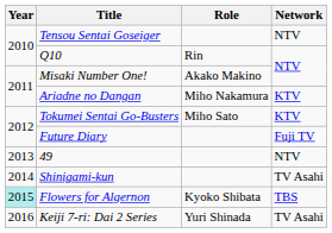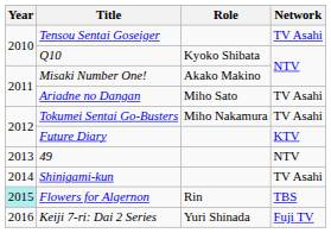 <table class="wikitable">
 <tr>
 <th>Year</th>
 <th>Title</th>
 <th>Role</th>
 <th>Network</th>
 </tr>
 <tr>
 <td rowspan="2">2010</td>
 <td><em><a href='#'>Tensou Sentai Goseiger</a></em></td>
 <td></td>
-<td>NTV</td>
+<td><a href='#'>TV Asahi</a></td>
 </tr>
 <tr>
 <td><em>Q10</em></td>
-<td>Rin</td>
+<td>Kyoko Shibata</td>
 <td rowspan="2"><a href='#'>NTV</a></td>
 </tr>
 <tr>
 <td rowspan="2'">2011</td>
 <td><em>Misaki Number One!</em></td>
 <td>Akako Makino</td>
 </tr>
 <tr>
 <td><em><a href='#'>Ariadne no Dangan</a></em></td>
-<td>Miho Nakamura</td>
-<td><a href='#'>KTV</a></td>
+<td>Miho Sato</td>
+<td>TV Asahi</td>
 </tr>
 <tr>
 <td rowspan="2">2012</td>
 <td><em><a href='#'>Tokumei Sentai Go-Busters</a></em></td>
-<td>Miho Sato</td>
-<td><a href='#'>KTV</a></td>
+<td>Miho Nakamura</td>
+<td>TV Asahi</td>
 </tr>
 <tr>
 <td><em><a href='#'>Future Diary</a></em></td>
 <td></td>
-<td><a href='#'>Fuji TV</a></td>
+<td><a href='#'>KTV</a></td>
 </tr>
 <tr>
 <td>2013</td>
 <td><em>49</em></td>
 <td></td>
 <td>NTV</td>
 </tr>
 <tr>
 <td>2014</td>
 <td><em><a href='#'>Shinigami-kun</a></em></td>
 <td></td>
 <td>TV Asahi</td>
 </tr>
 <tr>
 <td style="background: paleturquoise;">2015</td>
 <td><em><a href='#'>Flowers for Algernon</a></em></td>
-<td>Kyoko Shibata</td>
+<td>Rin</td>
 <td><a href='#'>TBS</a></td>
 </tr>
 <tr>
 <td>2016</td>
 <td><em>Keiji 7-ri: Dai 2 Series</em></td>
 <td>Yuri Shinada</td>
-<td>TV Asahi</td>
+<td><a href='#'>Fuji TV</a></td>
 </tr>
 </table>
